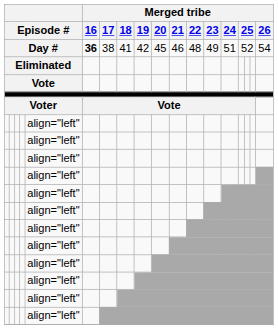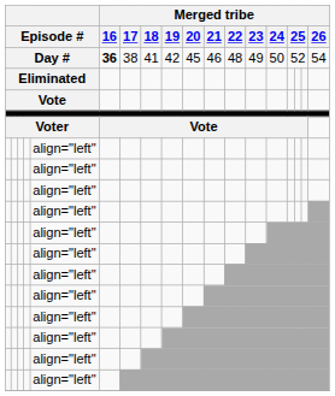 <table class="wikitable" style="text-align:center; white-space:nowrap;">
 <tr>
 <th colspan="5"></th>
 <th colspan="13">Merged tribe</th>
 </tr>
 <tr>
 <th colspan="5">Episode #</th>
 <th><a href='#'>16</a></th>
 <th><a href='#'>17</a></th>
 <th><a href='#'>18</a></th>
 <th><a href='#'>19</a></th>
 <th><a href='#'>20</a></th>
 <th><a href='#'>21</a></th>
 <th><a href='#'>22</a></th>
 <th><a href='#'>23</a></th>
 <th><a href='#'>24</a></th>
 <th colspan=3><a href='#'>25</a></th>
 <th><a href='#'>26</a></th>
 </tr>
 <tr>
 <th colspan="5">Day #</th>
 <td><strong>36</strong></td>
 <td>38</td>
 <td>41</td>
 <td>42</td>
 <td>45</td>
 <td>46</td>
 <td>48</td>
 <td>49</td>
-<td>51</td>
+<td>50</td>
 <td colspan=3>52</td>
 <td>54</td>
 </tr>
 <tr>
 <th colspan="5">Eliminated</th>
 <td></td>
 <td></td>
 <td></td>
 <td></td>
 <td></td>
 <td></td>
 <td></td>
 <td></td>
 <td></td>
 <td></td>
 <td></td>
 <td></td>
 <td></td>
 </tr>
 <tr>
 <th colspan="5">Vote</th>
 <td></td>
 <td></td>
 <td></td>
 <td></td>
 <td></td>
 <td></td>
 <td></td>
 <td></td>
 <td></td>
 <td></td>
 <td></td>
 <td></td>
 <td></td>
 </tr>
 <tr>
 <td colspan="18" bgcolor="black"></td>
 </tr>
 <tr>
 <th colspan="5">Voter</th>
 <th colspan="12" align="center">Vote</th>
 </tr>
 <tr>
 <td></td>
 <td></td>
 <td></td>
 <td></td>
 <td>align="left" </td>
 <td></td>
 <td></td>
 <td></td>
 <td></td>
 <td></td>
 <td></td>
 <td></td>
 <td></td>
 <td></td>
 <td></td>
 <td></td>
 <td></td>
 <td></td>
 </tr>
 <tr>
 <td></td>
 <td></td>
 <td></td>
 <td></td>
 <td>align="left" </td>
 <td></td>
 <td></td>
 <td></td>
 <td></td>
 <td></td>
 <td></td>
 <td></td>
 <td></td>
 <td></td>
 <td></td>
 <td></td>
 <td></td>
 <td></td>
 </tr>
 <tr>
 <td></td>
 <td></td>
 <td></td>
 <td></td>
 <td>align="left" </td>
 <td></td>
 <td></td>
 <td></td>
 <td></td>
 <td></td>
 <td></td>
 <td></td>
 <td></td>
 <td></td>
 <td></td>
 <td></td>
 <td></td>
 <td></td>
 </tr>
 <tr>
 <td></td>
 <td></td>
 <td></td>
 <td></td>
 <td>align="left" </td>
 <td></td>
 <td></td>
 <td></td>
 <td></td>
 <td></td>
 <td></td>
 <td></td>
 <td></td>
 <td></td>
 <td></td>
 <td></td>
 <td></td>
 <td colspan="4" style="background:darkgrey;"></td>
 </tr>
 <tr>
 <td></td>
 <td></td>
 <td></td>
 <td></td>
 <td>align="left" </td>
 <td></td>
 <td></td>
 <td></td>
 <td></td>
 <td></td>
 <td></td>
 <td></td>
 <td></td>
 <td colspan="6" style="background:darkgrey;"></td>
 </tr>
 <tr>
 <td></td>
 <td></td>
 <td></td>
 <td></td>
 <td>align="left" </td>
 <td></td>
 <td></td>
 <td></td>
 <td></td>
 <td></td>
 <td></td>
 <td></td>
 <td colspan="7" style="background:darkgrey;"></td>
 </tr>
 <tr>
 <td></td>
 <td></td>
 <td></td>
 <td></td>
 <td>align="left" </td>
 <td></td>
 <td></td>
 <td></td>
 <td></td>
 <td></td>
 <td></td>
 <td colspan="8" style="background:darkgrey;"></td>
 </tr>
 <tr>
 <td></td>
 <td></td>
 <td></td>
 <td></td>
 <td>align="left" </td>
 <td></td>
 <td></td>
 <td></td>
 <td></td>
 <td></td>
 <td colspan="9" style="background:darkgrey;"></td>
 </tr>
 <tr>
 <td></td>
 <td></td>
 <td></td>
 <td></td>
 <td>align="left" </td>
 <td></td>
 <td></td>
 <td></td>
 <td></td>
 <td colspan="10" style="background:darkgrey;"></td>
 </tr>
 <tr>
 <td></td>
 <td></td>
 <td></td>
 <td></td>
 <td>align="left" </td>
 <td></td>
 <td></td>
 <td></td>
 <td colspan="11" style="background:darkgrey;"></td>
 </tr>
 <tr>
 <td></td>
 <td></td>
 <td></td>
 <td></td>
 <td>align="left" </td>
 <td></td>
 <td></td>
 <td colspan="12" style="background:darkgrey;"></td>
 </tr>
 <tr>
 <td></td>
 <td></td>
 <td></td>
 <td></td>
 <td>align="left" </td>
 <td></td>
 <td colspan="13" style="background:darkgrey;"></td>
 </tr>
 <tr>
 </tr>
 </table>
